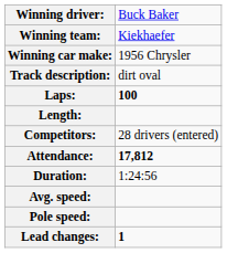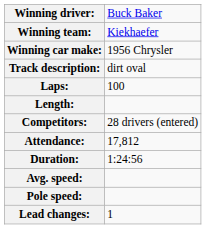 <table class="wikitable" style=text-align:left>
 <tr>
 <th>Winning driver:</th>
 <td><a href='#'>Buck Baker</a></td>
 </tr>
 <tr>
 <th>Winning team:</th>
 <td><a href='#'>Kiekhaefer</a></td>
 </tr>
 <tr>
 <th>Winning car make:</th>
 <td>1956 Chrysler</td>
 </tr>
 <tr>
 <th>Track description:</th>
 <td> dirt oval</td>
 </tr>
 <tr>
 <th>Laps:</th>
-<td><strong>100</strong></td>
+<td>100</td>
 </tr>
 <tr>
 <th>Length:</th>
 <td></td>
 </tr>
 <tr>
 <th>Competitors:</th>
 <td>28 drivers (entered)</td>
 </tr>
 <tr>
 <th>Attendance:</th>
-<td><strong>17,812</strong></td>
+<td>17,812</td>
 </tr>
 <tr>
 <th>Duration:</th>
 <td>1:24:56</td>
 </tr>
 <tr>
 <th>Avg. speed:</th>
 <td></td>
 </tr>
 <tr>
 <th>Pole speed:</th>
 <td></td>
 </tr>
 <tr>
 <th>Lead changes:</th>
-<td><strong>1</strong></td>
+<td>1</td>
 </tr>
 </table>
